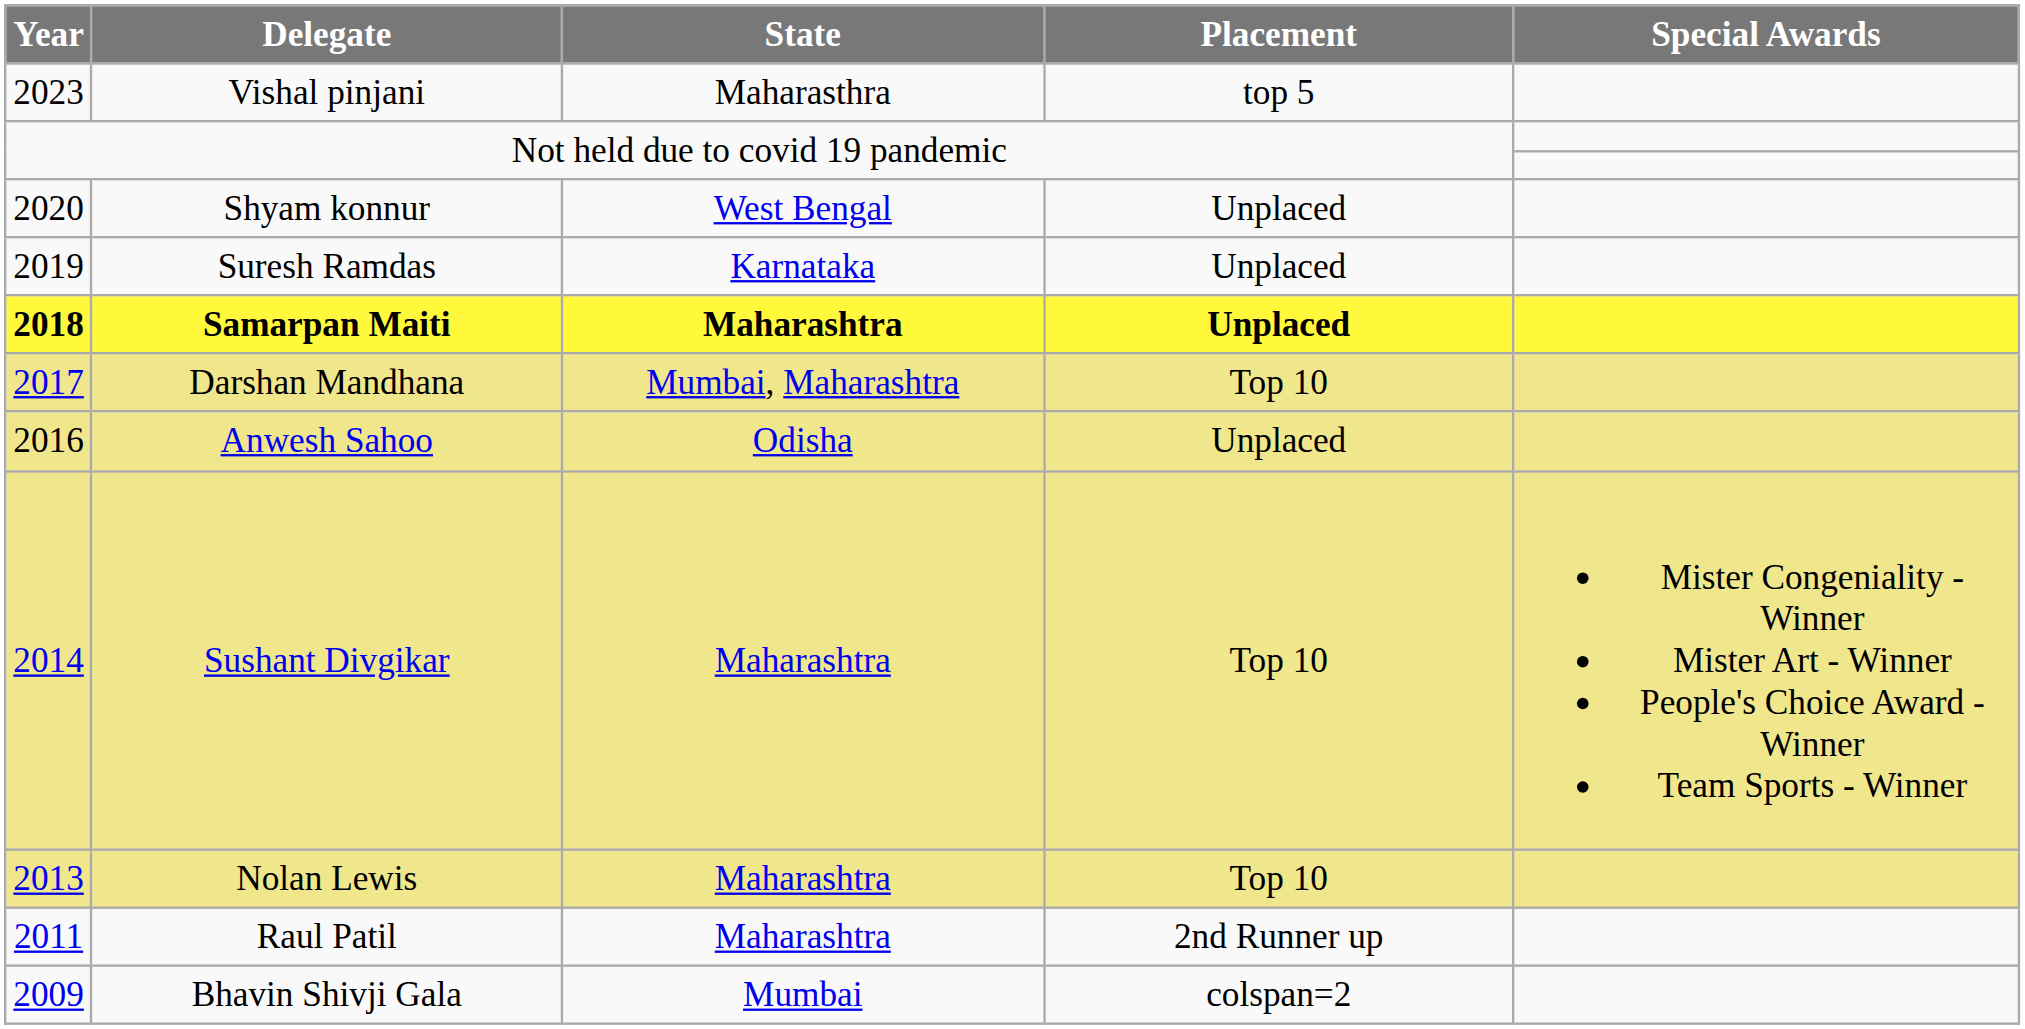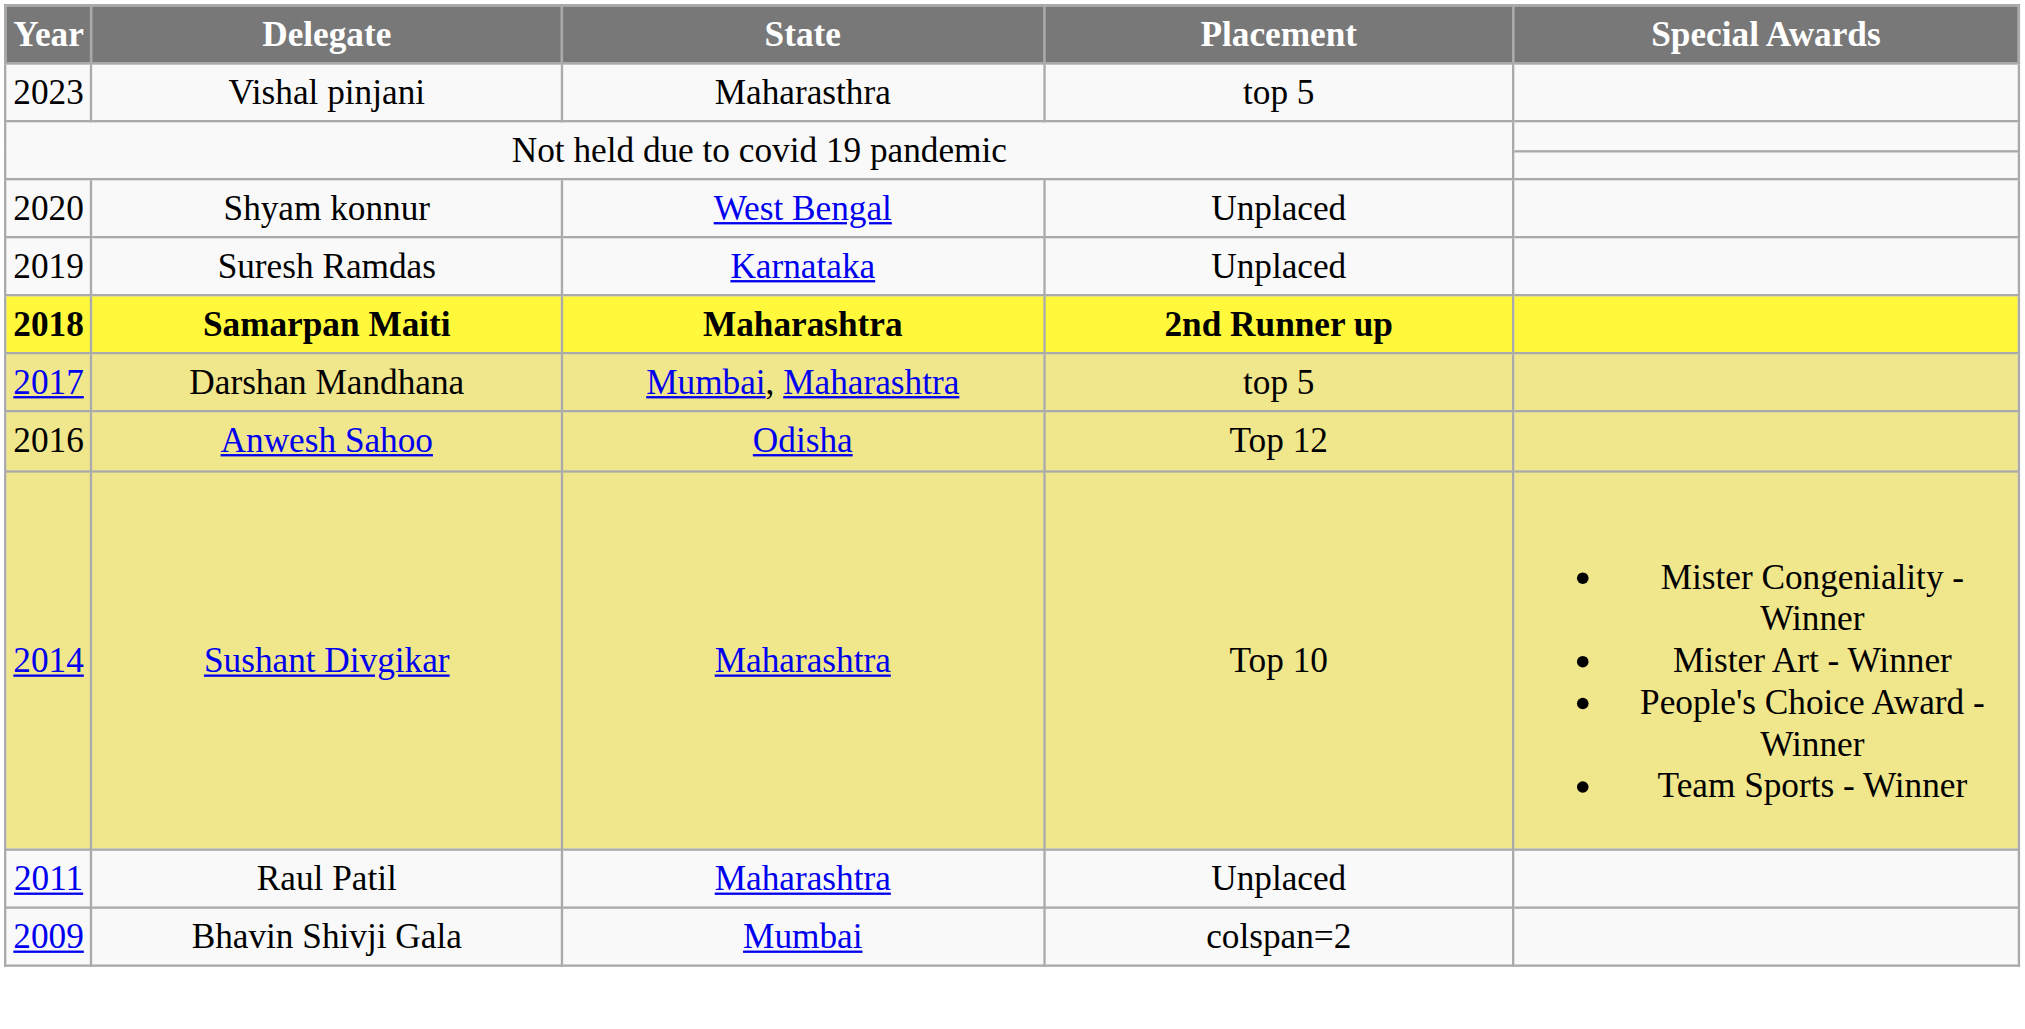 <table class="wikitable sortable" style="font-size: 95%; text-align:center">
 <tr>
 <th width="30" style="background-color:#787878;color:#FFFFFF;">Year</th>
 <th width="250" style="background-color:#787878;color:#FFFFFF;">Delegate</th>
 <th width="250" style="background-color:#787878;color:#FFFFFF;">State</th>
 <th width="250" style="background-color:#787878;color:#FFFFFF;">Placement</th>
 <th width="250" style="background-color:#787878;color:#FFFFFF;">Special Awards</th>
 </tr>
 <tr>
 <td>2023</td>
 <td>Vishal pinjani</td>
 <td>Maharasthra</td>
 <td>top 5</td>
 <td></td>
 </tr>
 <tr>
 <td colspan="4" rowspan="2">Not held due to covid 19 pandemic</td>
 <td></td>
 </tr>
 <tr>
 <td></td>
 </tr>
 <tr>
 <td>2020</td>
 <td>Shyam konnur</td>
 <td><a href='#'>West Bengal</a></td>
 <td>Unplaced</td>
 <td></td>
 </tr>
 <tr>
 <td>2019</td>
 <td>Suresh Ramdas</td>
 <td><a href='#'>Karnataka</a></td>
 <td>Unplaced</td>
 <td></td>
 </tr>
 <tr style="background:#FFF83B; font-weight: bold">
 <td>2018</td>
 <td>Samarpan Maiti</td>
 <td>Maharashtra</td>
-<td>Unplaced</td>
+<td>2nd Runner up</td>
 <td></td>
 </tr>
 <tr style="background:khaki;">
 <td><a href='#'>2017</a></td>
 <td>Darshan Mandhana</td>
 <td><a href='#'>Mumbai</a>, <a href='#'>Maharashtra</a></td>
-<td>Top 10</td>
+<td>top 5</td>
 <td></td>
 </tr>
 <tr style="background:khaki;">
 <td>2016</td>
 <td><a href='#'>Anwesh Sahoo</a></td>
 <td><a href='#'>Odisha</a></td>
-<td>Unplaced</td>
+<td>Top 12</td>
 <td></td>
 </tr>
 <tr style="background:khaki;">
 <td><a href='#'>2014</a></td>
 <td><a href='#'>Sushant Divgikar</a></td>
 <td><a href='#'>Maharashtra</a></td>
 <td>Top 10</td>
 <td><br><ul><li>Mister Congeniality - Winner</li><li>Mister Art - Winner</li><li>People's Choice Award - Winner</li><li>Team Sports - Winner</li></ul></td>
 </tr>
-<tr style="background:khaki;">
-<td><a href='#'>2013</a></td>
-<td>Nolan Lewis</td>
-<td><a href='#'>Maharashtra</a></td>
-<td>Top 10</td>
-<td></td>
-</tr>
 <tr>
 <td><a href='#'>2011</a></td>
 <td>Raul Patil</td>
 <td><a href='#'>Maharashtra</a></td>
-<td>2nd Runner up</td>
+<td>Unplaced</td>
 <td></td>
 </tr>
 <tr>
 <td><a href='#'>2009</a></td>
 <td>Bhavin Shivji Gala</td>
 <td><a href='#'>Mumbai</a></td>
 <td>colspan=2 </td>
 </tr>
 </table>
